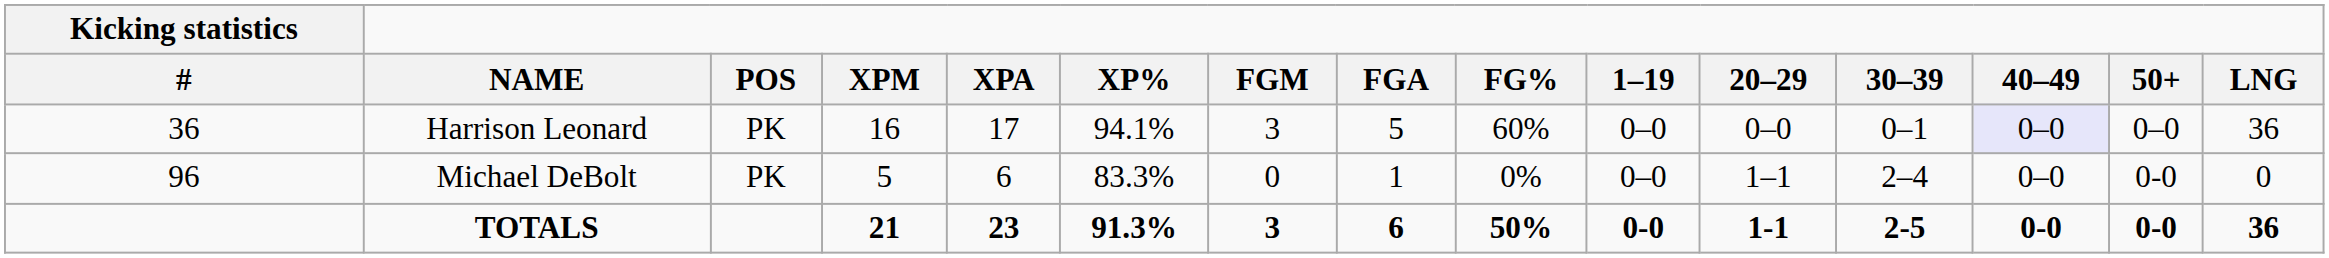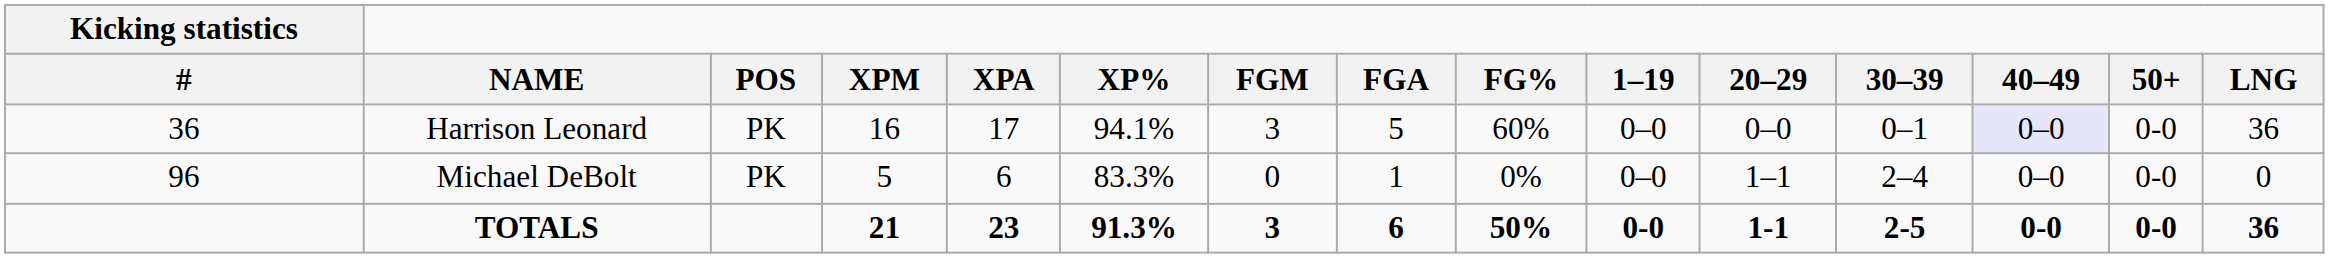 <table style="width:60%; text-align:center;" class="wikitable collapsible collapsed">
 <tr>
 <th style="text-align:center; ">Kicking statistics</th>
 </tr>
 <tr>
 <th>#</th>
 <th>NAME</th>
 <th>POS</th>
 <th>XPM</th>
 <th>XPA</th>
 <th>XP%</th>
 <th>FGM</th>
 <th>FGA</th>
 <th>FG%</th>
 <th>1–19</th>
 <th>20–29</th>
 <th>30–39</th>
 <th>40–49</th>
 <th>50+</th>
 <th>LNG</th>
 </tr>
 <tr>
 <td>36</td>
 <td>Harrison Leonard</td>
 <td>PK</td>
 <td>16</td>
 <td>17</td>
 <td>94.1%</td>
 <td>3</td>
 <td>5</td>
 <td>60%</td>
 <td>0–0</td>
 <td>0–0</td>
 <td>0–1</td>
 <td style="background: lavender;">0–0</td>
-<td>0–0</td>
+<td>0-0</td>
 <td>36</td>
 </tr>
 <tr>
 <td>96</td>
 <td>Michael DeBolt</td>
 <td>PK</td>
 <td>5</td>
 <td>6</td>
 <td>83.3%</td>
 <td>0</td>
 <td>1</td>
 <td>0%</td>
 <td>0–0</td>
 <td>1–1</td>
 <td>2–4</td>
 <td>0–0</td>
 <td>0-0</td>
 <td>0</td>
 </tr>
 <tr>
 <td></td>
 <td><strong>TOTALS</strong></td>
 <td></td>
 <td><strong>21</strong></td>
 <td><strong>23</strong></td>
 <td><strong>91.3%</strong></td>
 <td><strong>3</strong></td>
 <td><strong>6</strong></td>
 <td><strong>50%</strong></td>
 <td><strong>0-0</strong></td>
 <td><strong>1-1</strong></td>
 <td><strong>2-5</strong></td>
 <td><strong>0-0</strong></td>
 <td><strong>0-0</strong></td>
 <td><strong>36</strong></td>
 </tr>
 </table>
